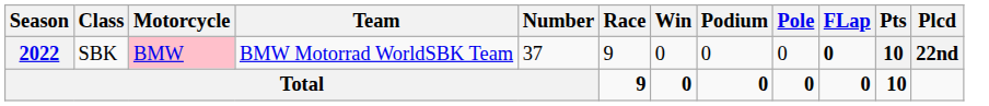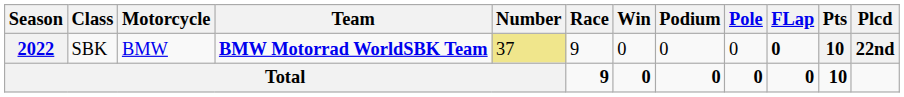 <table class="wikitable">
 <tr>
 <th>Season</th>
 <th>Class</th>
 <th>Motorcycle</th>
 <th>Team</th>
 <th>Number</th>
 <th>Race</th>
 <th>Win</th>
 <th>Podium</th>
 <th><a href='#'>Pole</a></th>
 <th><a href='#'>FLap</a></th>
 <th>Pts</th>
 <th>Plcd</th>
 </tr>
 <tr>
 <th><a href='#'>2022</a></th>
 <td>SBK</td>
-<td style="background: pink;"><a href='#'>BMW</a></td>
-<td><a href='#'>BMW Motorrad WorldSBK Team</a></td>
-<td>37</td>
+<td><a href='#'>BMW</a></td>
+<td><strong><a href='#'>BMW Motorrad WorldSBK Team</a></strong></td>
+<td style="background: khaki;">37</td>
 <td>9</td>
 <td>0</td>
 <td>0</td>
 <td>0</td>
 <td><strong>0</strong></td>
 <th>10</th>
 <th>22nd</th>
 </tr>
 <tr align="right">
 <th colspan=5>Total</th>
 <td><strong>9</strong></td>
 <td><strong>0</strong></td>
 <td><strong>0</strong></td>
 <td><strong>0</strong></td>
 <td><strong>0</strong></td>
 <td><strong>10</strong></td>
 <td></td>
 </tr>
 </table>
